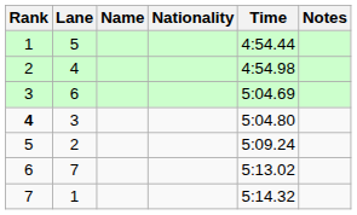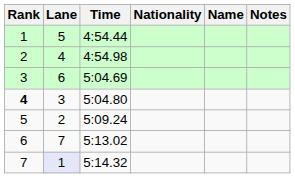 <table class="wikitable sortable" style="text-align:center">
 <tr>
 <th>Rank</th>
 <th>Lane</th>
+<th>Time</th>
+<th>Nationality</th>
 <th>Name</th>
-<th>Nationality</th>
-<th>Time</th>
 <th>Notes</th>
 </tr>
 <tr bgcolor=ccffcc>
 <td>1</td>
 <td>5</td>
+<td>4:54.44</td>
 <td align=left></td>
 <td align=left></td>
-<td>4:54.44</td>
 <td><strong></strong></td>
 </tr>
 <tr bgcolor=ccffcc>
 <td>2</td>
 <td>4</td>
+<td>4:54.98</td>
 <td align=left></td>
 <td align=left></td>
-<td>4:54.98</td>
 <td><strong></strong></td>
 </tr>
 <tr bgcolor=ccffcc>
 <td>3</td>
 <td>6</td>
+<td>5:04.69</td>
 <td align=left></td>
 <td align=left></td>
-<td>5:04.69</td>
 <td><strong></strong></td>
 </tr>
 <tr>
 <td><strong>4</strong></td>
 <td>3</td>
+<td>5:04.80</td>
 <td align=left></td>
 <td align=left></td>
-<td>5:04.80</td>
 <td></td>
 </tr>
 <tr>
 <td>5</td>
 <td>2</td>
+<td>5:09.24</td>
 <td align=left></td>
 <td align=left></td>
-<td>5:09.24</td>
 <td></td>
 </tr>
 <tr>
 <td>6</td>
 <td>7</td>
+<td>5:13.02</td>
 <td align=left></td>
 <td align=left></td>
-<td>5:13.02</td>
 <td></td>
 </tr>
 <tr>
 <td>7</td>
-<td>1</td>
+<td style="background: lavender;">1</td>
+<td>5:14.32</td>
 <td align=left></td>
 <td align=left></td>
-<td>5:14.32</td>
 <td></td>
 </tr>
 </table>
